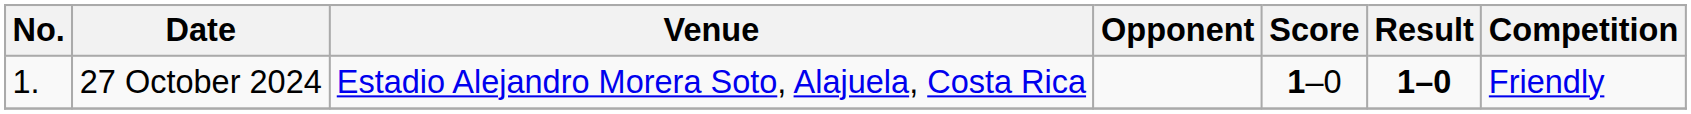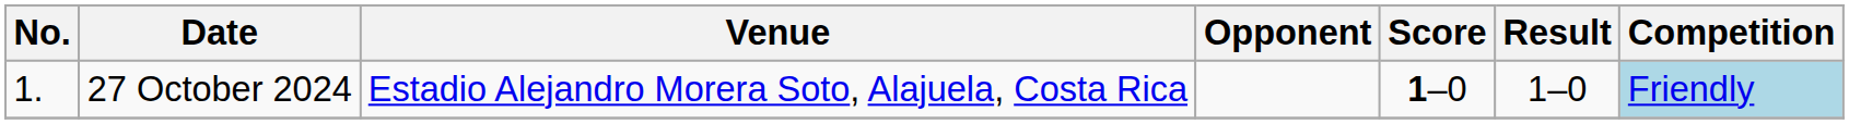 <table class="wikitable">
 <tr>
 <th>No.</th>
 <th>Date</th>
 <th>Venue</th>
 <th>Opponent</th>
 <th>Score</th>
 <th>Result</th>
 <th>Competition</th>
 </tr>
 <tr>
 <td>1.</td>
 <td>27 October 2024</td>
 <td><a href='#'>Estadio Alejandro Morera Soto</a>, <a href='#'>Alajuela</a>, <a href='#'>Costa Rica</a></td>
 <td></td>
 <td align=center><strong>1</strong>–0</td>
-<td align=center><strong>1–0</strong></td>
-<td><a href='#'>Friendly</a></td>
+<td align=center>1–0</td>
+<td style="background: lightblue;"><a href='#'>Friendly</a></td>
 </tr>
 <tr>
 </tr>
 </table>
